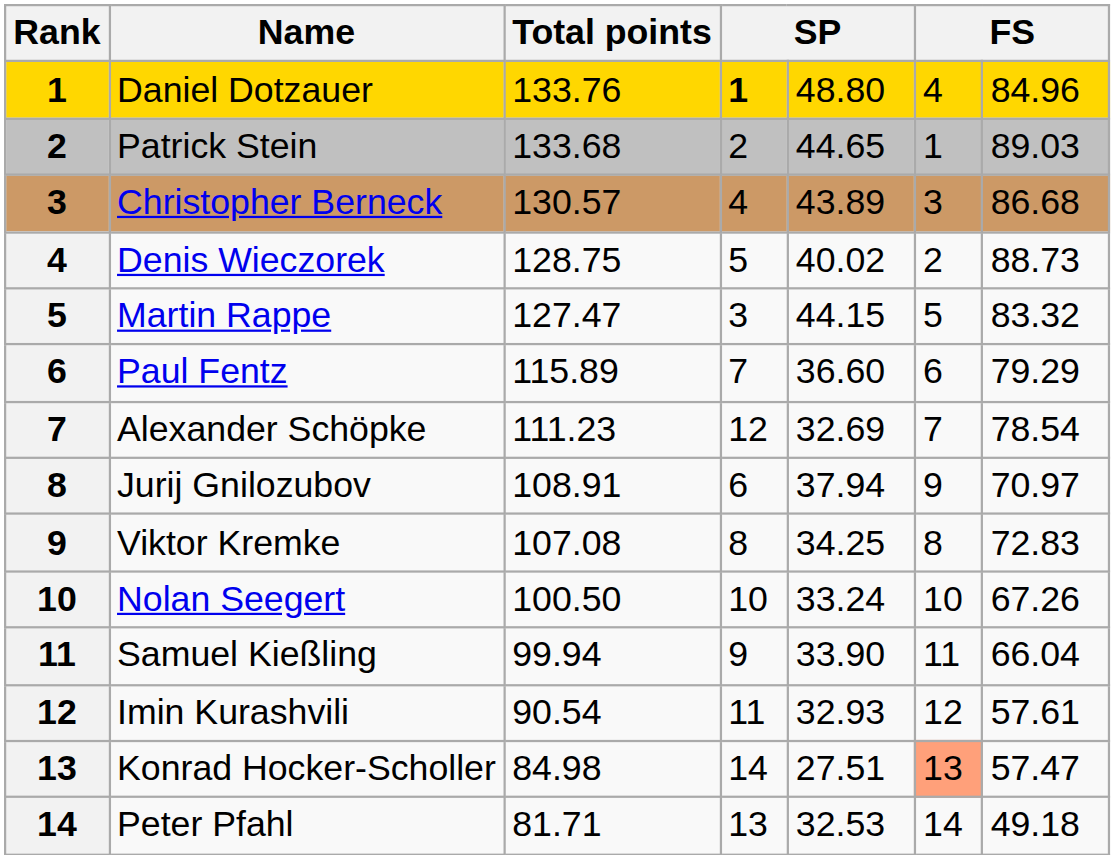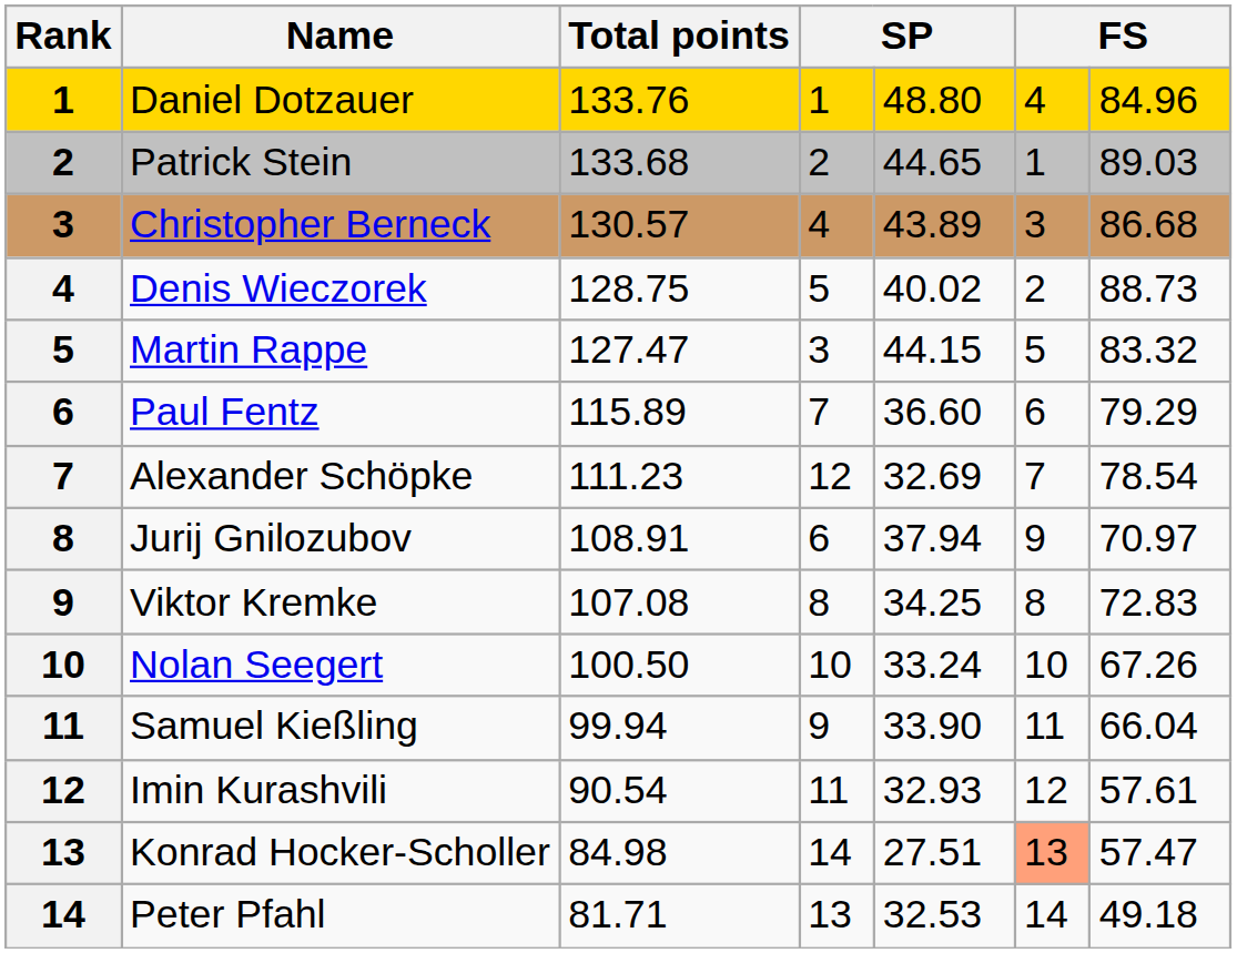 <table class="wikitable">
 <tr>
 <th>Rank</th>
 <th>Name</th>
 <th>Total points</th>
 <th colspan="2" width="80px">SP</th>
 <th colspan="2" width="80px">FS</th>
 </tr>
 <tr bgcolor="gold">
 <td align="center"><strong>1</strong></td>
 <td>Daniel Dotzauer</td>
 <td>133.76</td>
-<td><strong>1</strong></td>
+<td>1</td>
 <td>48.80</td>
 <td>4</td>
 <td>84.96</td>
 </tr>
 <tr bgcolor="silver">
 <td align="center"><strong>2</strong></td>
 <td>Patrick Stein</td>
 <td>133.68</td>
 <td>2</td>
 <td>44.65</td>
 <td>1</td>
 <td>89.03</td>
 </tr>
 <tr bgcolor="cc9966">
 <td align="center"><strong>3</strong></td>
 <td><a href='#'>Christopher Berneck</a></td>
 <td>130.57</td>
 <td>4</td>
 <td>43.89</td>
 <td>3</td>
 <td>86.68</td>
 </tr>
 <tr>
 <th>4</th>
 <td><a href='#'>Denis Wieczorek</a></td>
 <td>128.75</td>
 <td>5</td>
 <td>40.02</td>
 <td>2</td>
 <td>88.73</td>
 </tr>
 <tr>
 <th>5</th>
 <td><a href='#'>Martin Rappe</a></td>
 <td>127.47</td>
 <td>3</td>
 <td>44.15</td>
 <td>5</td>
 <td>83.32</td>
 </tr>
 <tr>
 <th>6</th>
 <td><a href='#'>Paul Fentz</a></td>
 <td>115.89</td>
 <td>7</td>
 <td>36.60</td>
 <td>6</td>
 <td>79.29</td>
 </tr>
 <tr>
 <th>7</th>
 <td>Alexander Schöpke</td>
 <td>111.23</td>
 <td>12</td>
 <td>32.69</td>
 <td>7</td>
 <td>78.54</td>
 </tr>
 <tr>
 <th>8</th>
 <td>Jurij Gnilozubov</td>
 <td>108.91</td>
 <td>6</td>
 <td>37.94</td>
 <td>9</td>
 <td>70.97</td>
 </tr>
 <tr>
 <th>9</th>
 <td>Viktor Kremke</td>
 <td>107.08</td>
 <td>8</td>
 <td>34.25</td>
 <td>8</td>
 <td>72.83</td>
 </tr>
 <tr>
 <th>10</th>
 <td><a href='#'>Nolan Seegert</a></td>
 <td>100.50</td>
 <td>10</td>
 <td>33.24</td>
 <td>10</td>
 <td>67.26</td>
 </tr>
 <tr>
 <th>11</th>
 <td>Samuel Kießling</td>
 <td>99.94</td>
 <td>9</td>
 <td>33.90</td>
 <td>11</td>
 <td>66.04</td>
 </tr>
 <tr>
 <th>12</th>
 <td>Imin Kurashvili</td>
 <td>90.54</td>
 <td>11</td>
 <td>32.93</td>
 <td>12</td>
 <td>57.61</td>
 </tr>
 <tr>
 <th>13</th>
 <td>Konrad Hocker-Scholler</td>
 <td>84.98</td>
 <td>14</td>
 <td>27.51</td>
 <td style="background: lightsalmon;">13</td>
 <td>57.47</td>
 </tr>
 <tr>
 <th>14</th>
 <td>Peter Pfahl</td>
 <td>81.71</td>
 <td>13</td>
 <td>32.53</td>
 <td>14</td>
 <td>49.18</td>
 </tr>
 </table>
